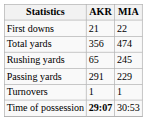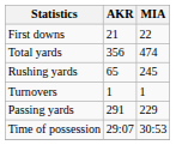 <table class="wikitable">
 <tr>
 <th>Statistics</th>
 <th>AKR</th>
 <th>MIA</th>
 </tr>
 <tr>
 <td>First downs</td>
 <td>21</td>
 <td>22</td>
 </tr>
 <tr>
 <td>Total yards</td>
 <td>356</td>
 <td>474</td>
 </tr>
 <tr>
 <td>Rushing yards</td>
 <td>65</td>
 <td>245</td>
 </tr>
 <tr>
+<td>Turnovers</td>
+<td>1</td>
+<td>1</td>
+</tr>
+<tr>
 <td>Passing yards</td>
 <td>291</td>
 <td>229</td>
 </tr>
 <tr>
-<td>Turnovers</td>
-<td>1</td>
-<td>1</td>
-</tr>
-<tr>
 <td>Time of possession</td>
-<td><strong>29:07</strong></td>
+<td>29:07</td>
 <td>30:53</td>
 </tr>
 <tr>
 </tr>
 </table>
